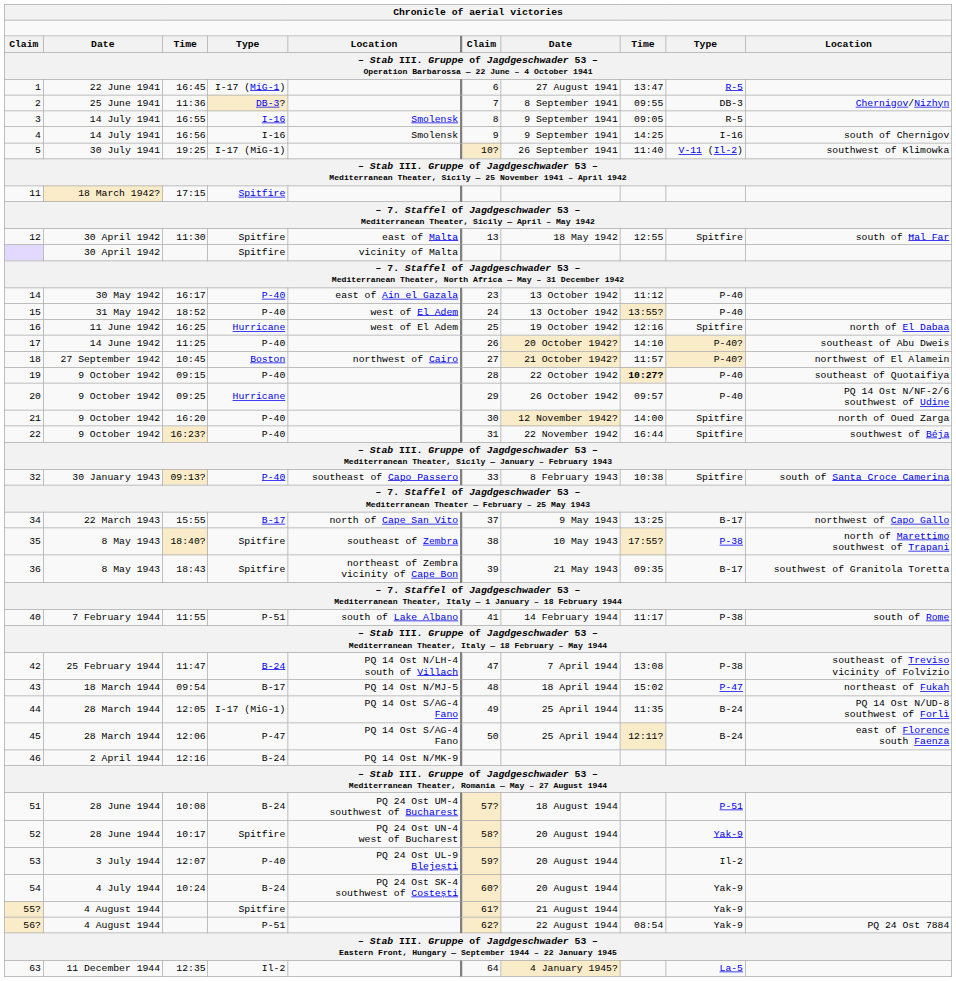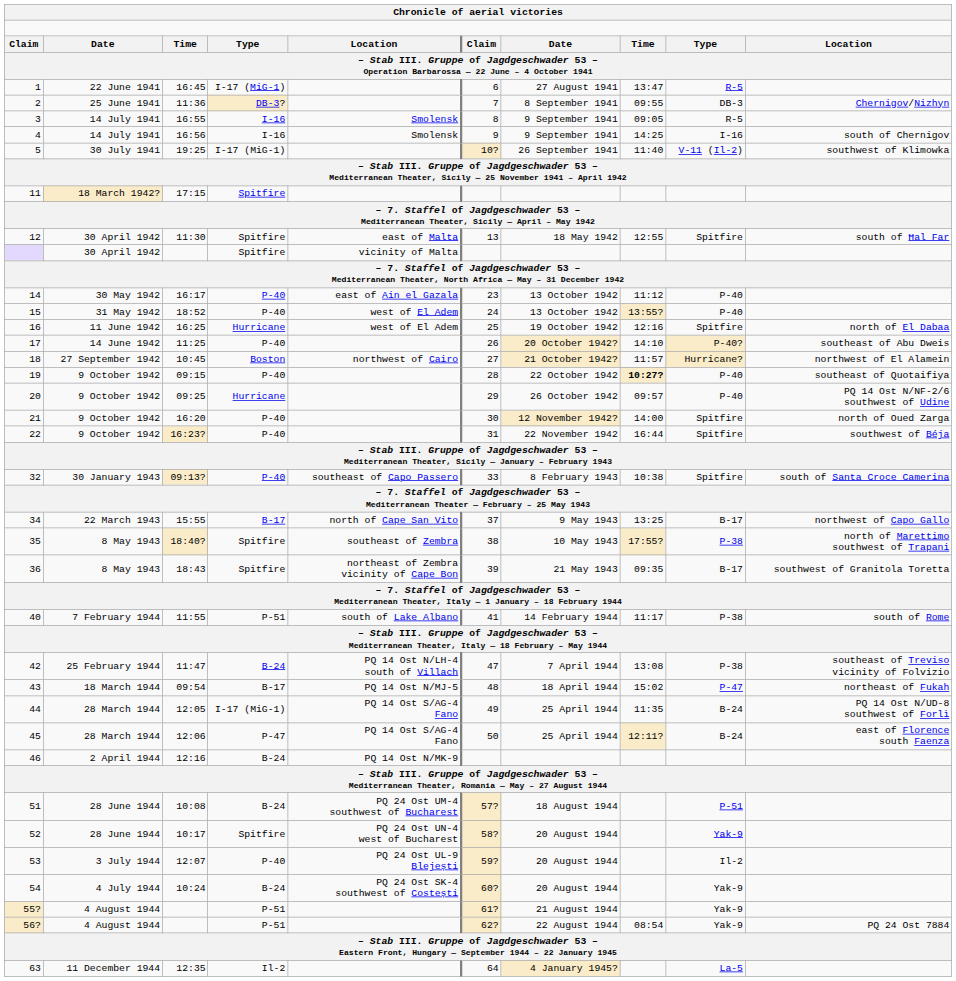 <table class="wikitable plainrowheaders collapsible" style="margin-left: auto; margin-right: auto; border: none; text-align:right; width: 100%;">
 <tr>
 <th colspan="10">Chronicle of aerial victories</th>
 </tr>
 <tr>
 <td colspan="10" style="text-align: left;"><br> </td>
 </tr>
 <tr>
 <th scope="col">Claim</th>
 <th scope="col">Date</th>
 <th scope="col">Time</th>
 <th scope="col" width="100px">Type</th>
 <th scope="col">Location</th>
 <th scope="col" style="border-left: 3px solid grey;">Claim</th>
 <th scope="col">Date</th>
 <th scope="col">Time</th>
 <th scope="col" width="100px">Type</th>
 <th scope="col">Location</th>
 </tr>
 <tr>
 <th colspan="10">– <em>Stab</em> III. <em>Gruppe</em> of <em>Jagdgeschwader</em> 53 –<br><small>Operation Barbarossa — 22 June – 4 October 1941</small></th>
 </tr>
 <tr>
 <td>1</td>
 <td>22 June 1941</td>
 <td>16:45</td>
 <td>I-17 (<a href='#'>MiG-1</a>)</td>
 <td></td>
 <td style="border-left: 3px solid grey;">6</td>
 <td>27 August 1941</td>
 <td>13:47</td>
 <td><a href='#'>R-5</a></td>
 <td></td>
 </tr>
 <tr>
 <td>2</td>
 <td>25 June 1941</td>
 <td>11:36</td>
 <td style="background:#faecc8"><a href='#'>DB-3</a>?</td>
 <td></td>
 <td style="border-left: 3px solid grey;">7</td>
 <td>8 September 1941</td>
 <td>09:55</td>
 <td>DB-3</td>
 <td><a href='#'>Chernigov</a>/<a href='#'>Nizhyn</a></td>
 </tr>
 <tr>
 <td>3</td>
 <td>14 July 1941</td>
 <td>16:55</td>
 <td><a href='#'>I-16</a></td>
 <td><a href='#'>Smolensk</a></td>
 <td style="border-left: 3px solid grey;">8</td>
 <td>9 September 1941</td>
 <td>09:05</td>
 <td>R-5</td>
 <td></td>
 </tr>
 <tr>
 <td>4</td>
 <td>14 July 1941</td>
 <td>16:56</td>
 <td>I-16</td>
 <td>Smolensk</td>
 <td style="border-left: 3px solid grey;">9</td>
 <td>9 September 1941</td>
 <td>14:25</td>
 <td>I-16</td>
 <td>south of Chernigov</td>
 </tr>
 <tr>
 <td>5</td>
 <td>30 July 1941</td>
 <td>19:25</td>
 <td>I-17 (MiG-1)</td>
 <td></td>
 <td style="border-left: 3px solid grey; background:#faecc8">10?</td>
 <td>26 September 1941</td>
 <td>11:40</td>
 <td><a href='#'>V-11</a> (<a href='#'>Il-2</a>)</td>
 <td>southwest of Klimowka</td>
 </tr>
 <tr>
 <th colspan="10">– <em>Stab</em> III. <em>Gruppe</em> of <em>Jagdgeschwader</em> 53 –<br><small>Mediterranean Theater, Sicily — 25 November 1941 – April 1942</small></th>
 </tr>
 <tr>
 <td>11</td>
 <td style="background:#faecc8">18 March 1942?</td>
 <td>17:15</td>
 <td><a href='#'>Spitfire</a></td>
 <td></td>
 <td style="border-left: 3px solid grey;"></td>
 <td></td>
 <td></td>
 <td></td>
 <td></td>
 </tr>
 <tr>
 <th colspan="10">– 7. <em>Staffel</em> of <em>Jagdgeschwader</em> 53 –<br><small>Mediterranean Theater, Sicily — April – May 1942</small></th>
 </tr>
 <tr>
 <td>12</td>
 <td>30 April 1942</td>
 <td>11:30</td>
 <td>Spitfire</td>
 <td>east of <a href='#'>Malta</a></td>
 <td style="border-left: 3px solid grey;">13</td>
 <td>18 May 1942</td>
 <td>12:55</td>
 <td>Spitfire</td>
 <td> south of <a href='#'>Ħal Far</a></td>
 </tr>
 <tr>
 <td style="background:#e3d9ff;"></td>
 <td>30 April 1942</td>
 <td></td>
 <td>Spitfire</td>
 <td>vicinity of Malta</td>
 <td style="border-left: 3px solid grey;"></td>
 <td></td>
 <td></td>
 <td></td>
 <td></td>
 </tr>
 <tr>
 <th colspan="10">– 7. <em>Staffel</em> of <em>Jagdgeschwader</em> 53 –<br><small>Mediterranean Theater, North Africa — May – 31 December 1942</small></th>
 </tr>
 <tr>
 <td>14</td>
 <td>30 May 1942</td>
 <td>16:17</td>
 <td><a href='#'>P-40</a></td>
 <td>east of <a href='#'>Ain el Gazala</a></td>
 <td style="border-left: 3px solid grey;">23</td>
 <td>13 October 1942</td>
 <td>11:12</td>
 <td>P-40</td>
 <td></td>
 </tr>
 <tr>
 <td>15</td>
 <td>31 May 1942</td>
 <td>18:52</td>
 <td>P-40</td>
 <td>west of <a href='#'>El Adem</a></td>
 <td style="border-left: 3px solid grey;">24</td>
 <td>13 October 1942</td>
 <td style="background:#faecc8">13:55?</td>
 <td>P-40</td>
 <td></td>
 </tr>
 <tr>
 <td>16</td>
 <td>11 June 1942</td>
 <td>16:25</td>
 <td><a href='#'>Hurricane</a></td>
 <td>west of El Adem</td>
 <td style="border-left: 3px solid grey;">25</td>
 <td>19 October 1942</td>
 <td>12:16</td>
 <td>Spitfire</td>
 <td> north of <a href='#'>El Dabaa</a></td>
 </tr>
 <tr>
 <td>17</td>
 <td>14 June 1942</td>
 <td>11:25</td>
 <td>P-40</td>
 <td></td>
 <td style="border-left: 3px solid grey;">26</td>
 <td style="background:#faecc8">20 October 1942?</td>
 <td>14:10</td>
 <td style="background:#faecc8">P-40?</td>
 <td> southeast of Abu Dweis</td>
 </tr>
 <tr>
 <td>18</td>
 <td>27 September 1942</td>
 <td>10:45</td>
 <td><a href='#'>Boston</a></td>
 <td>northwest of <a href='#'>Cairo</a></td>
 <td style="border-left: 3px solid grey;">27</td>
 <td style="background:#faecc8">21 October 1942?</td>
 <td>11:57</td>
-<td style="background:#faecc8">P-40?</td>
+<td style="background:#faecc8">Hurricane?</td>
 <td> northwest of El Alamein</td>
 </tr>
 <tr>
 <td>19</td>
 <td>9 October 1942</td>
 <td>09:15</td>
 <td>P-40</td>
 <td></td>
 <td style="border-left: 3px solid grey;">28</td>
 <td>22 October 1942</td>
 <td style="background:#faecc8"><strong>10:27?</strong></td>
 <td>P-40</td>
 <td> southeast of Quotaifiya</td>
 </tr>
 <tr>
 <td>20</td>
 <td>9 October 1942</td>
 <td>09:25</td>
 <td><a href='#'>Hurricane</a></td>
 <td></td>
 <td style="border-left: 3px solid grey;">29</td>
 <td>26 October 1942</td>
 <td>09:57</td>
 <td>P-40</td>
 <td>PQ 14 Ost N/NF-2/6<br>southwest of <a href='#'>Udine</a></td>
 </tr>
 <tr>
 <td>21</td>
 <td>9 October 1942</td>
 <td>16:20</td>
 <td>P-40</td>
 <td></td>
 <td style="border-left: 3px solid grey;">30</td>
 <td style="background:#faecc8">12 November 1942?</td>
 <td>14:00</td>
 <td>Spitfire</td>
 <td> north of Oued Zarga</td>
 </tr>
 <tr>
 <td>22</td>
 <td>9 October 1942</td>
 <td style="background:#faecc8">16:23?</td>
 <td>P-40</td>
 <td></td>
 <td style="border-left: 3px solid grey;">31</td>
 <td>22 November 1942</td>
 <td>16:44</td>
 <td>Spitfire</td>
 <td> southwest of <a href='#'>Béja</a></td>
 </tr>
 <tr>
 <th colspan="10">– <em>Stab</em> III. <em>Gruppe</em> of <em>Jagdgeschwader</em> 53 –<br><small>Mediterranean Theater, Sicily — January – February 1943</small></th>
 </tr>
 <tr>
 <td>32</td>
 <td>30 January 1943</td>
 <td style="background:#faecc8">09:13?</td>
 <td><a href='#'>P-40</a></td>
 <td> southeast of <a href='#'>Capo Passero</a></td>
 <td style="border-left: 3px solid grey;">33</td>
 <td>8 February 1943</td>
 <td>10:38</td>
 <td>Spitfire</td>
 <td> south of <a href='#'>Santa Croce Camerina</a></td>
 </tr>
 <tr>
 <th colspan="10">– 7. <em>Staffel</em> of <em>Jagdgeschwader</em> 53 –<br><small>Mediterranean Theater — February – 25 May 1943</small></th>
 </tr>
 <tr>
 <td>34</td>
 <td>22 March 1943</td>
 <td>15:55</td>
 <td><a href='#'>B-17</a></td>
 <td> north of <a href='#'>Cape San Vito</a></td>
 <td style="border-left: 3px solid grey;">37</td>
 <td>9 May 1943</td>
 <td>13:25</td>
 <td>B-17</td>
 <td> northwest of <a href='#'>Capo Gallo</a></td>
 </tr>
 <tr>
 <td>35</td>
 <td>8 May 1943</td>
 <td style="background:#faecc8">18:40?</td>
 <td>Spitfire</td>
 <td> southeast of <a href='#'>Zembra</a></td>
 <td style="border-left: 3px solid grey;">38</td>
 <td>10 May 1943</td>
 <td style="background:#faecc8">17:55?</td>
 <td><a href='#'>P-38</a></td>
 <td> north of <a href='#'>Marettimo</a><br> southwest of <a href='#'>Trapani</a></td>
 </tr>
 <tr>
 <td>36</td>
 <td>8 May 1943</td>
 <td>18:43</td>
 <td>Spitfire</td>
 <td> northeast of Zembra<br>vicinity of <a href='#'>Cape Bon</a></td>
 <td style="border-left: 3px solid grey;">39</td>
 <td>21 May 1943</td>
 <td>09:35</td>
 <td>B-17</td>
 <td> southwest of Granitola Toretta</td>
 </tr>
 <tr>
 <th colspan="10">– 7. <em>Staffel</em> of <em>Jagdgeschwader</em> 53 –<br><small>Mediterranean Theater, Italy — 1 January – 18 February 1944</small></th>
 </tr>
 <tr>
 <td>40</td>
 <td>7 February 1944</td>
 <td>11:55</td>
 <td>P-51</td>
 <td> south of <a href='#'>Lake Albano</a></td>
 <td style="border-left: 3px solid grey;">41</td>
 <td>14 February 1944</td>
 <td>11:17</td>
 <td>P-38</td>
 <td> south of <a href='#'>Rome</a></td>
 </tr>
 <tr>
 <th colspan="10">– <em>Stab</em> III. <em>Gruppe</em> of <em>Jagdgeschwader</em> 53 –<br><small>Mediterranean Theater, Italy — 18 February – May 1944</small></th>
 </tr>
 <tr>
 <td>42</td>
 <td>25 February 1944</td>
 <td>11:47</td>
 <td><a href='#'>B-24</a></td>
 <td>PQ 14 Ost N/LH-4<br>south of <a href='#'>Villach</a></td>
 <td style="border-left: 3px solid grey;">47</td>
 <td>7 April 1944</td>
 <td>13:08</td>
 <td>P-38</td>
 <td> southeast of <a href='#'>Treviso</a><br>vicinity of Folvizio</td>
 </tr>
 <tr>
 <td>43</td>
 <td>18 March 1944</td>
 <td>09:54</td>
 <td>B-17</td>
 <td>PQ 14 Ost N/MJ-5</td>
 <td style="border-left: 3px solid grey;">48</td>
 <td>18 April 1944</td>
 <td>15:02</td>
 <td><a href='#'>P-47</a></td>
 <td> northeast of <a href='#'>Fukah</a></td>
 </tr>
 <tr>
 <td>44</td>
 <td>28 March 1944</td>
 <td>12:05</td>
 <td>I-17 (MiG-1)</td>
 <td>PQ 14 Ost S/AG-4<br><a href='#'>Fano</a></td>
 <td style="border-left: 3px solid grey;">49</td>
 <td>25 April 1944</td>
 <td>11:35</td>
 <td>B-24</td>
 <td>PQ 14 Ost N/UD-8<br> southwest of <a href='#'>Forlì</a></td>
 </tr>
 <tr>
 <td>45</td>
 <td>28 March 1944</td>
 <td>12:06</td>
 <td>P-47</td>
 <td>PQ 14 Ost S/AG-4<br>Fano</td>
 <td style="border-left: 3px solid grey;">50</td>
 <td>25 April 1944</td>
 <td style="background:#faecc8">12:11?</td>
 <td>B-24</td>
 <td> east of <a href='#'>Florence</a><br> south <a href='#'>Faenza</a></td>
 </tr>
 <tr>
 <td>46</td>
 <td>2 April 1944</td>
 <td>12:16</td>
 <td>B-24</td>
 <td>PQ 14 Ost N/MK-9</td>
 <td style="border-left: 3px solid grey;"></td>
 <td></td>
 <td></td>
 <td></td>
 <td></td>
 </tr>
 <tr>
 <th colspan="10">– <em>Stab</em> III. <em>Gruppe</em> of <em>Jagdgeschwader</em> 53 –<br><small>Mediterranean Theater, Romania — May – 27 August 1944</small></th>
 </tr>
 <tr>
 <td>51</td>
 <td>28 June 1944</td>
 <td>10:08</td>
 <td>B-24</td>
 <td>PQ 24 Ost UM-4<br>southwest of <a href='#'>Bucharest</a></td>
 <td style="border-left: 3px solid grey; background:#faecc8">57?</td>
 <td>18 August 1944</td>
 <td></td>
 <td><a href='#'>P-51</a></td>
 <td></td>
 </tr>
 <tr>
 <td>52</td>
 <td>28 June 1944</td>
 <td>10:17</td>
 <td>Spitfire</td>
 <td>PQ 24 Ost UN-4<br>west of Bucharest</td>
 <td style="border-left: 3px solid grey; background:#faecc8">58?</td>
 <td>20 August 1944</td>
 <td></td>
 <td><a href='#'>Yak-9</a></td>
 <td></td>
 </tr>
 <tr>
 <td>53</td>
 <td>3 July 1944</td>
 <td>12:07</td>
 <td>P-40</td>
 <td>PQ 24 Ost UL-9<br><a href='#'>Blejești</a></td>
 <td style="border-left: 3px solid grey; background:#faecc8">59?</td>
 <td>20 August 1944</td>
 <td></td>
 <td>Il-2</td>
 <td></td>
 </tr>
 <tr>
 <td>54</td>
 <td>4 July 1944</td>
 <td>10:24</td>
 <td>B-24</td>
 <td>PQ 24 Ost SK-4<br>southwest of <a href='#'>Costești</a></td>
 <td style="border-left: 3px solid grey; background:#faecc8">60?</td>
 <td>20 August 1944</td>
 <td></td>
 <td>Yak-9</td>
 <td></td>
 </tr>
 <tr>
 <td style="background:#faecc8">55?</td>
 <td>4 August 1944</td>
 <td></td>
-<td>Spitfire</td>
+<td>P-51</td>
 <td></td>
 <td style="border-left: 3px solid grey; background:#faecc8">61?</td>
 <td>21 August 1944</td>
 <td></td>
 <td>Yak-9</td>
 <td></td>
 </tr>
 <tr>
 <td style="background:#faecc8">56?</td>
 <td>4 August 1944</td>
 <td></td>
 <td>P-51</td>
 <td></td>
 <td style="border-left: 3px solid grey; background:#faecc8">62?</td>
 <td>22 August 1944</td>
 <td>08:54</td>
 <td>Yak-9</td>
 <td>PQ 24 Ost 7884</td>
 </tr>
 <tr>
 <th colspan="10">– <em>Stab</em> III. <em>Gruppe</em> of <em>Jagdgeschwader</em> 53 –<br><small>Eastern Front, Hungary — September 1944 – 22 January 1945</small></th>
 </tr>
 <tr>
 <td>63</td>
 <td>11 December 1944</td>
 <td>12:35</td>
 <td>Il-2</td>
 <td></td>
 <td style="border-left: 3px solid grey;">64</td>
 <td style="background:#faecc8">4 January 1945?</td>
 <td></td>
 <td><a href='#'>La-5</a></td>
 <td></td>
 </tr>
 </table>
